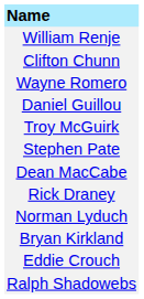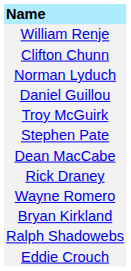 <table border=0 cellpadding=2 cellspacing=0  |- bgcolor=#F2F2F2 style="text-align:center; font-size:90%;">
 <tr bgcolor=#ADEBFD>
 <th align=left>Name</th>
 </tr>
 <tr>
 <td><a href='#'>William Renje</a></td>
 </tr>
 <tr>
 <td><a href='#'>Clifton Chunn</a></td>
 </tr>
 <tr>
-<td><a href='#'>Wayne Romero</a></td>
+<td><a href='#'>Norman Lyduch</a></td>
 </tr>
 <tr>
 <td><a href='#'>Daniel Guillou</a></td>
 </tr>
 <tr>
 <td><a href='#'>Troy McGuirk</a></td>
 </tr>
 <tr>
 <td><a href='#'>Stephen Pate</a></td>
 </tr>
 <tr>
 <td><a href='#'>Dean MacCabe</a></td>
 </tr>
 <tr>
 <td><a href='#'>Rick Draney</a></td>
 </tr>
 <tr>
-<td><a href='#'>Norman Lyduch</a></td>
+<td><a href='#'>Wayne Romero</a></td>
 </tr>
 <tr>
 <td><a href='#'>Bryan Kirkland</a></td>
 </tr>
 <tr>
+<td><a href='#'>Ralph Shadowebs</a></td>
+</tr>
+<tr>
 <td><a href='#'>Eddie Crouch</a></td>
 </tr>
-<tr>
-<td><a href='#'>Ralph Shadowebs</a></td>
-</tr>
 </table>
